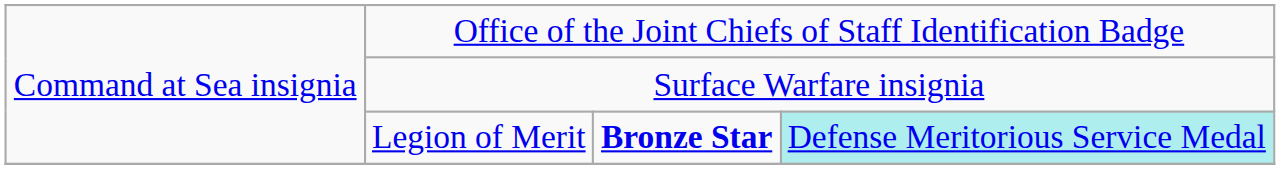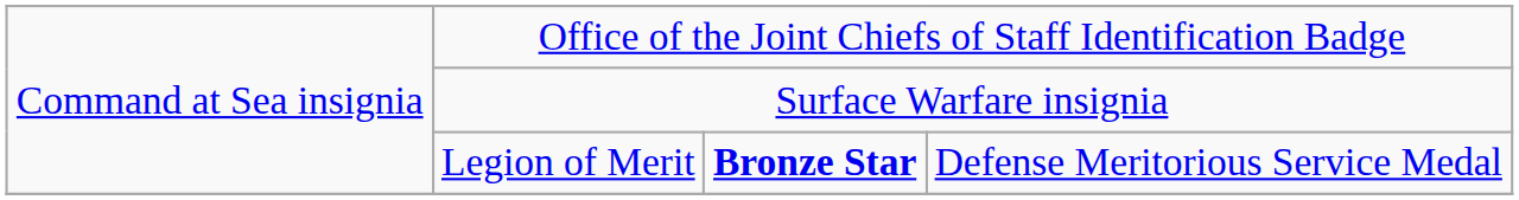 <table class="wikitable" style="margin:1em auto; text-align:center;">
 <tr>
 <td rowspan="3"><a href='#'>Command at Sea insignia</a></td>
 <td colspan ="3"><a href='#'>Office of the Joint Chiefs of Staff Identification Badge</a></td>
 </tr>
 <tr>
 <td colspan ="3"><a href='#'>Surface Warfare insignia</a></td>
 </tr>
 <tr>
 <td><a href='#'>Legion of Merit</a></td>
 <td><strong><a href='#'>Bronze Star</a></strong></td>
-<td style="background: paleturquoise;"><a href='#'>Defense Meritorious Service Medal</a></td>
+<td><a href='#'>Defense Meritorious Service Medal</a></td>
 </tr>
 <tr>
 </tr>
 </table>
